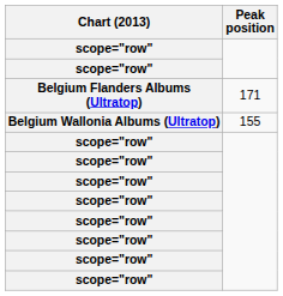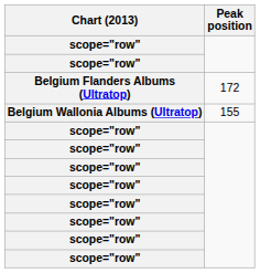 <table class="wikitable sortable plainrowheaders">
 <tr>
 <th scope="col" style="width:17em;">Chart (2013)</th>
 <th>Peak<br>position</th>
 </tr>
 <tr>
 <th>scope="row"</th>
 </tr>
 <tr>
 <th>scope="row"</th>
 </tr>
 <tr>
 <th scope="row">Belgium Flanders Albums (<a href='#'>Ultratop</a>)</th>
-<td style="text-align:center;">171</td>
+<td style="text-align:center;">172</td>
 </tr>
 <tr>
 <th scope="row">Belgium Wallonia Albums (<a href='#'>Ultratop</a>)</th>
 <td style="text-align:center;">155</td>
 </tr>
 <tr>
 <th>scope="row"</th>
 </tr>
 <tr>
 <th>scope="row"</th>
 </tr>
 <tr>
 <th>scope="row"</th>
 </tr>
 <tr>
 <th>scope="row"</th>
 </tr>
 <tr>
 <th>scope="row"</th>
 </tr>
 <tr>
 <th>scope="row"</th>
 </tr>
 <tr>
 <th>scope="row"</th>
 </tr>
 <tr>
 <th>scope="row"</th>
 </tr>
 </table>
